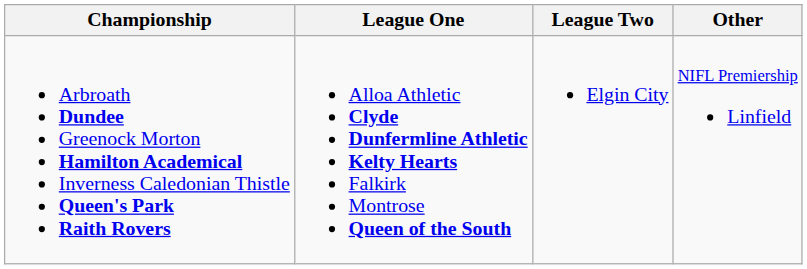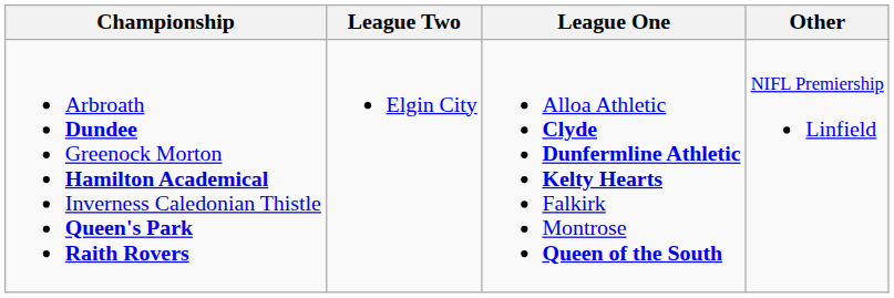 <table class="wikitable">
 <tr>
 <th>Championship</th>
+<th>League Two</th>
 <th>League One</th>
-<th>League Two</th>
 <th>Other</th>
 </tr>
 <tr>
 <td valign=top><br><ul><li><a href='#'>Arbroath</a></li><li><strong><a href='#'>Dundee</a></strong></li><li><a href='#'>Greenock Morton</a></li><li><strong><a href='#'>Hamilton Academical</a></strong></li><li><a href='#'>Inverness Caledonian Thistle</a></li><li><strong><a href='#'>Queen's Park</a></strong></li><li><strong><a href='#'>Raith Rovers</a></strong></li></ul></td>
+<td valign=top><br><ul><li><a href='#'>Elgin City</a></li></ul></td>
 <td valign=top><br><ul><li><a href='#'>Alloa Athletic</a></li><li><strong><a href='#'>Clyde</a></strong></li><li><strong><a href='#'>Dunfermline Athletic</a></strong></li><li><strong><a href='#'>Kelty Hearts</a></strong></li><li><a href='#'>Falkirk</a></li><li><a href='#'>Montrose</a></li><li><strong><a href='#'>Queen of the South</a></strong></li></ul></td>
-<td valign=top><br><ul><li><a href='#'>Elgin City</a></li></ul></td>
 <td valign=top><br><small><a href='#'>NIFL Premiership</a></small><ul><li><a href='#'>Linfield</a></li></ul></td>
 </tr>
 </table>
